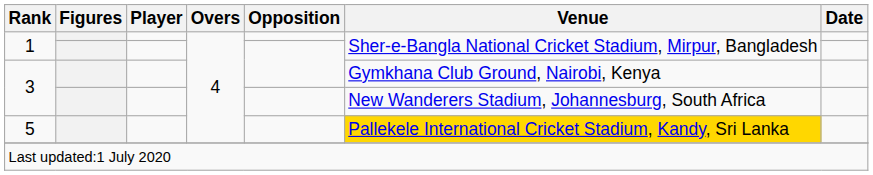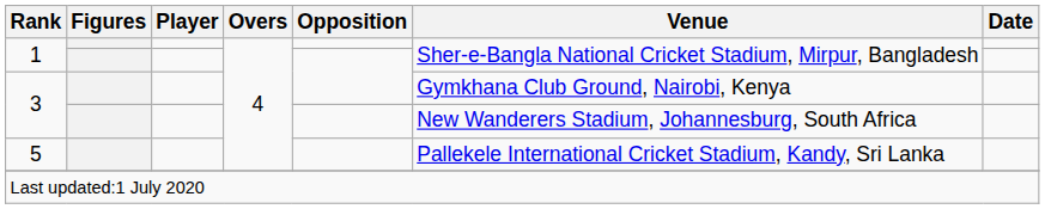 <table class="wikitable plainrowheaders sortable">
 <tr>
 <th scope=col>Rank</th>
 <th scope=col>Figures</th>
 <th scope=col>Player</th>
 <th scope=col>Overs</th>
 <th scope=col>Opposition</th>
 <th scope=col>Venue</th>
 <th scope=col>Date</th>
 </tr>
 <tr>
 <td align=center rowspan=2>1</td>
 <th scope=row style=text-align:center;></th>
 <td></td>
 <td align=center rowspan=5>4</td>
 <td></td>
 <td rowspan=2><a href='#'>Sher-e-Bangla National Cricket Stadium</a>, <a href='#'>Mirpur</a>, Bangladesh</td>
 <td></td>
 </tr>
 <tr>
 <th scope=row style=text-align:center;></th>
 <td></td>
 <td rowspan=2></td>
 <td> </td>
 </tr>
 <tr>
 <td align=center rowspan=2>3</td>
 <th scope=row style=text-align:center;></th>
 <td></td>
 <td><a href='#'>Gymkhana Club Ground</a>, <a href='#'>Nairobi</a>, Kenya</td>
 <td></td>
 </tr>
 <tr>
 <th scope=row style=text-align:center;></th>
 <td></td>
 <td></td>
 <td><a href='#'>New Wanderers Stadium</a>, <a href='#'>Johannesburg</a>, South Africa</td>
 <td> </td>
 </tr>
 <tr>
 <td align=center>5</td>
 <th scope=row style=text-align:center;></th>
 <td></td>
 <td></td>
-<td style="background: gold;"><a href='#'>Pallekele International Cricket Stadium</a>, <a href='#'>Kandy</a>, Sri Lanka</td>
+<td><a href='#'>Pallekele International Cricket Stadium</a>, <a href='#'>Kandy</a>, Sri Lanka</td>
 <td></td>
 </tr>
 <tr>
 </tr>
 <tr class=sortbottom>
 <td colspan=7><small>Last updated:1 July 2020</small></td>
 </tr>
 </table>
